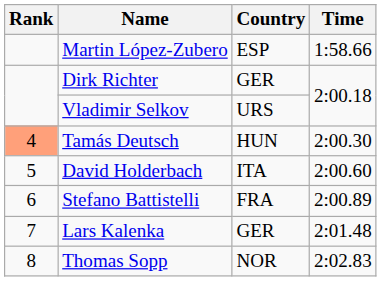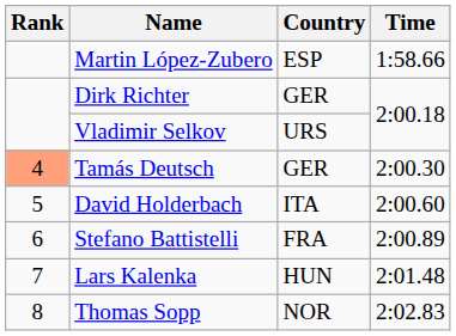 <table class="wikitable">
 <tr>
 <th>Rank</th>
 <th>Name</th>
 <th>Country</th>
 <th>Time</th>
 </tr>
 <tr>
 <td align="center"></td>
 <td><a href='#'>Martin López-Zubero</a></td>
 <td> ESP</td>
 <td align="center">1:58.66</td>
 </tr>
 <tr>
 <td rowspan=2 align="center"></td>
 <td><a href='#'>Dirk Richter</a></td>
 <td> GER</td>
 <td rowspan=2 align="center">2:00.18</td>
 </tr>
 <tr>
 <td><a href='#'>Vladimir Selkov</a></td>
 <td> URS</td>
 </tr>
 <tr>
 <td align="center" style="background: lightsalmon;">4</td>
 <td><a href='#'>Tamás Deutsch</a></td>
-<td> HUN</td>
+<td> GER</td>
 <td align="center">2:00.30</td>
 </tr>
 <tr>
 <td align="center">5</td>
 <td><a href='#'>David Holderbach</a></td>
 <td> ITA</td>
 <td align="center">2:00.60</td>
 </tr>
 <tr>
 <td align="center">6</td>
 <td><a href='#'>Stefano Battistelli</a></td>
 <td> FRA</td>
 <td align="center">2:00.89</td>
 </tr>
 <tr>
 <td align="center">7</td>
 <td><a href='#'>Lars Kalenka</a></td>
-<td> GER</td>
+<td> HUN</td>
 <td align="center">2:01.48</td>
 </tr>
 <tr>
 <td align="center">8</td>
 <td><a href='#'>Thomas Sopp</a></td>
 <td> NOR</td>
 <td align="center">2:02.83</td>
 </tr>
 </table>
